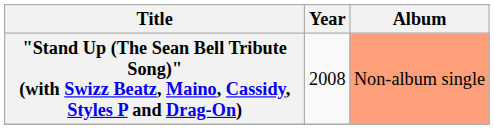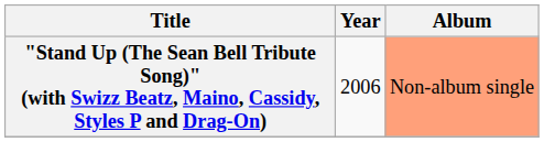 <table class="wikitable plainrowheaders" style="text-align:center;">
 <tr>
 <th scope="col" style="width:16em;">Title</th>
 <th scope="col">Year</th>
 <th scope="col">Album</th>
 </tr>
 <tr>
 <th scope="row">"Stand Up (The Sean Bell Tribute Song)"<br><span>(with <a href='#'>Swizz Beatz</a>, <a href='#'>Maino</a>, <a href='#'>Cassidy</a>, <a href='#'>Styles P</a> and <a href='#'>Drag-On</a>)</span></th>
-<td rowspan="1">2008</td>
+<td rowspan="1">2006</td>
 <td rowspan="1" style="background: lightsalmon;">Non-album single</td>
 </tr>
 <tr>
 </tr>
 </table>
